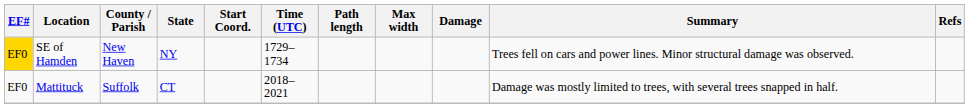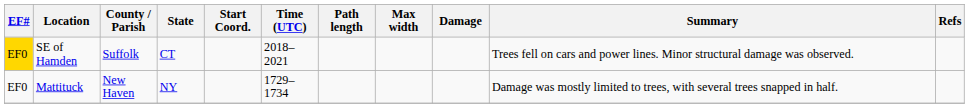 <table class="wikitable sortable" style="width:100%;">
 <tr>
 <th scope="col" width="3%" align="center"><a href='#'>EF#</a></th>
 <th scope="col" width="7%" align="center" class="unsortable">Location</th>
 <th scope="col" width="6%" align="center" class="unsortable">County / Parish</th>
 <th scope="col" width="5%" align="center">State</th>
 <th scope="col" width="6%" align="center">Start Coord.</th>
 <th scope="col" width="6%" align="center">Time (<a href='#'>UTC</a>)</th>
 <th scope="col" width="6%" align="center">Path length</th>
 <th scope="col" width="6%" align="center">Max width</th>
 <th scope="col" width="6%" align="center">Damage</th>
 <th scope="col" width="48%" class="unsortable" align="center">Summary</th>
 <th scope="col" width="48%" class="unsortable" align="center">Refs</th>
 </tr>
 <tr>
 <td style="background: gold;">EF0</td>
 <td>SE of <a href='#'>Hamden</a></td>
-<td><a href='#'>New Haven</a></td>
-<td><a href='#'>NY</a></td>
+<td><a href='#'>Suffolk</a></td>
+<td><a href='#'>CT</a></td>
 <td></td>
-<td>1729–1734</td>
+<td>2018–2021</td>
 <td></td>
 <td></td>
 <td></td>
 <td>Trees fell on cars and power lines. Minor structural damage was observed.</td>
 <td></td>
 </tr>
 <tr>
 <td>EF0</td>
 <td><a href='#'>Mattituck</a></td>
-<td><a href='#'>Suffolk</a></td>
-<td><a href='#'>CT</a></td>
+<td><a href='#'>New Haven</a></td>
+<td><a href='#'>NY</a></td>
 <td></td>
-<td>2018–2021</td>
+<td>1729–1734</td>
 <td></td>
 <td></td>
 <td></td>
 <td>Damage was mostly limited to trees, with several trees snapped in half.</td>
 <td></td>
 </tr>
 <tr>
 </tr>
 </table>
